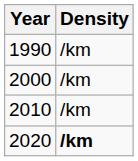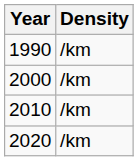 <table class="wikitable">
 <tr>
 <th>Year</th>
 <th>Density</th>
 </tr>
 <tr>
 <td>1990</td>
 <td>/km</td>
 </tr>
 <tr>
 <td>2000</td>
 <td>/km</td>
 </tr>
 <tr>
 <td>2010</td>
 <td>/km</td>
 </tr>
 <tr>
 <td>2020</td>
-<td><strong>/km</strong></td>
+<td>/km</td>
 </tr>
 </table>
